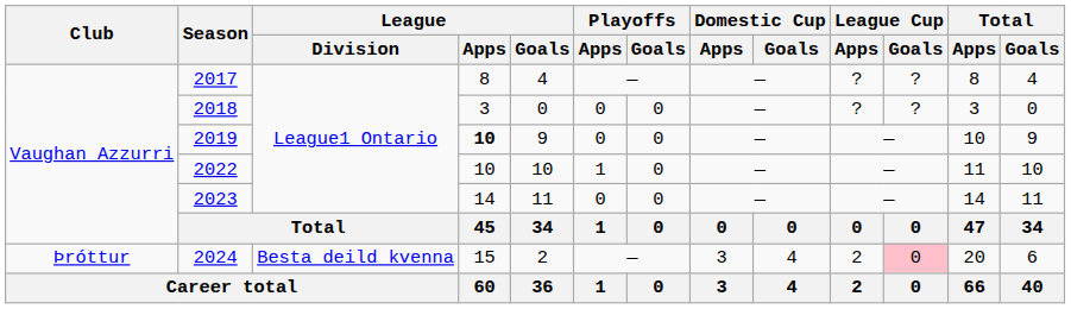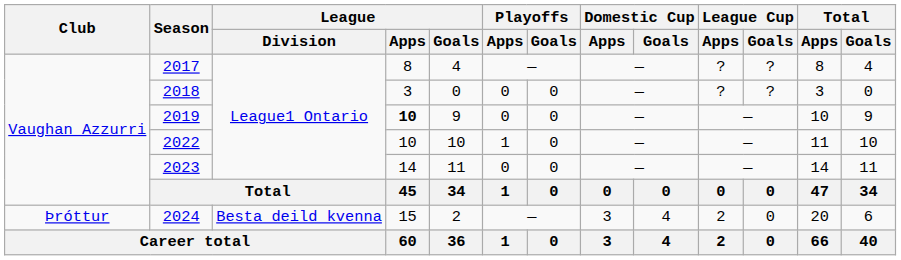 <table class="wikitable" style="text-align: center;">
 <tr>
 <th rowspan="2">Club</th>
 <th rowspan="2">Season</th>
 <th colspan="3">League</th>
 <th colspan="2">Playoffs</th>
 <th colspan="2">Domestic Cup</th>
 <th colspan="2">League Cup</th>
 <th colspan="2">Total</th>
 </tr>
 <tr>
 <th>Division</th>
 <th>Apps</th>
 <th>Goals</th>
 <th>Apps</th>
 <th>Goals</th>
 <th>Apps</th>
 <th>Goals</th>
 <th>Apps</th>
 <th>Goals</th>
 <th>Apps</th>
 <th>Goals</th>
 </tr>
 <tr>
 <td rowspan="6"><a href='#'>Vaughan Azzurri</a></td>
 <td><a href='#'>2017</a></td>
 <td rowspan="5"><a href='#'>League1 Ontario</a></td>
 <td>8</td>
 <td>4</td>
 <td colspan="2">—</td>
 <td colspan="2">—</td>
 <td>?</td>
 <td>?</td>
 <td>8</td>
 <td>4</td>
 </tr>
 <tr>
 <td><a href='#'>2018</a></td>
 <td>3</td>
 <td>0</td>
 <td>0</td>
 <td>0</td>
 <td colspan="2">—</td>
 <td>?</td>
 <td>?</td>
 <td>3</td>
 <td>0</td>
 </tr>
 <tr>
 <td><a href='#'>2019</a></td>
 <td><strong>10</strong></td>
 <td>9</td>
 <td>0</td>
 <td>0</td>
 <td colspan="2">—</td>
 <td colspan="2">—</td>
 <td>10</td>
 <td>9</td>
 </tr>
 <tr>
 <td><a href='#'>2022</a></td>
 <td>10</td>
 <td>10</td>
 <td>1</td>
 <td>0</td>
 <td colspan="2">—</td>
 <td colspan="2">—</td>
 <td>11</td>
 <td>10</td>
 </tr>
 <tr>
 <td><a href='#'>2023</a></td>
 <td>14</td>
 <td>11</td>
 <td>0</td>
 <td>0</td>
 <td colspan="2">—</td>
 <td colspan="2">—</td>
 <td>14</td>
 <td>11</td>
 </tr>
 <tr>
 <th colspan="2">Total</th>
 <th>45</th>
 <th>34</th>
 <th>1</th>
 <th>0</th>
 <th>0</th>
 <th>0</th>
 <th>0</th>
 <th>0</th>
 <th>47</th>
 <th>34</th>
 </tr>
 <tr>
 <td><a href='#'>Þróttur</a></td>
 <td><a href='#'>2024</a></td>
 <td><a href='#'>Besta deild kvenna</a></td>
 <td>15</td>
 <td>2</td>
 <td colspan="2">—</td>
 <td>3</td>
 <td>4</td>
 <td>2</td>
-<td style="background: pink;">0</td>
+<td>0</td>
 <td>20</td>
 <td>6</td>
 </tr>
 <tr>
 <th colspan="3">Career total</th>
 <th>60</th>
 <th>36</th>
 <th>1</th>
 <th>0</th>
 <th>3</th>
 <th>4</th>
 <th>2</th>
 <th>0</th>
 <th>66</th>
 <th>40</th>
 </tr>
 </table>
